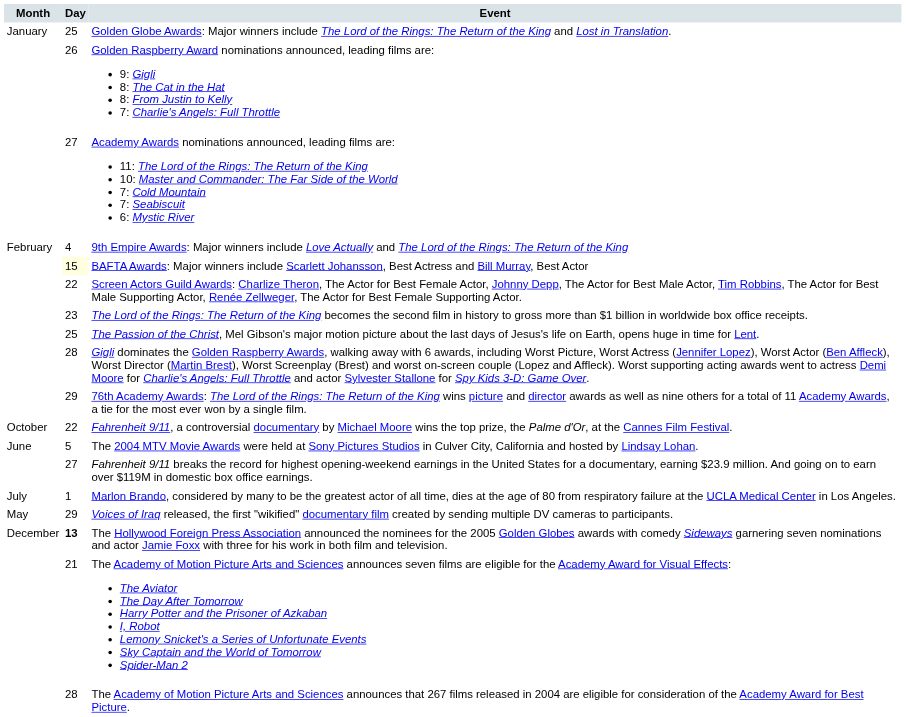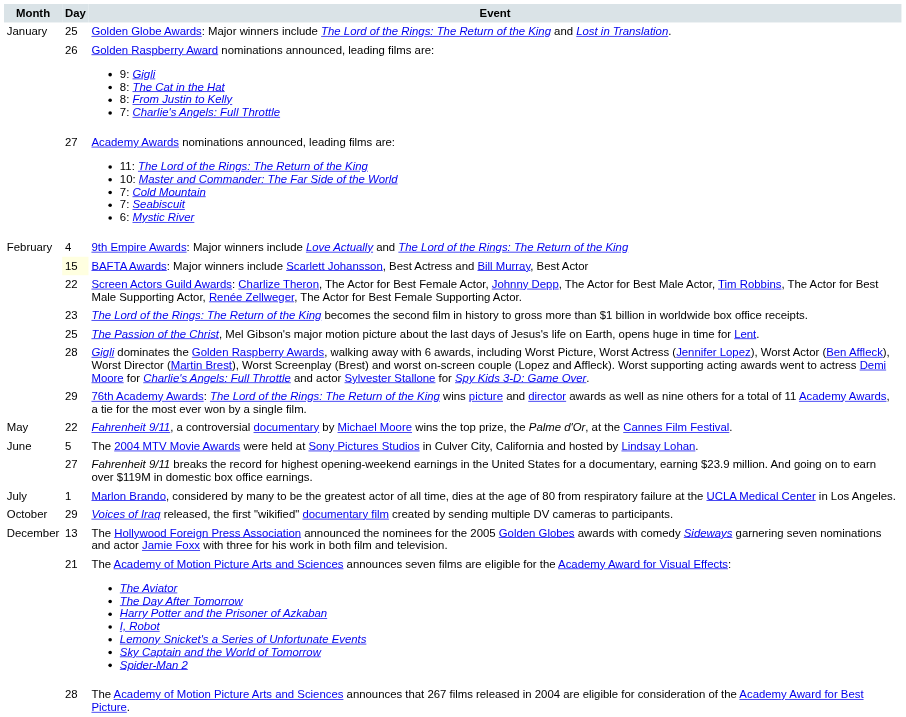 <table cellspacing="0" cellpadding="4" border="0">
 <tr bgcolor="#dae3e7" align="center">
 <td><strong>Month</strong></td>
 <td><strong>Day</strong></td>
 <td><strong>Event</strong></td>
 </tr>
 <tr valign="top">
 <td rowspan="3">January</td>
 <td>25</td>
 <td><a href='#'>Golden Globe Awards</a>: Major winners include <em><a href='#'>The Lord of the Rings: The Return of the King</a></em> and <em><a href='#'>Lost in Translation</a></em>.</td>
 </tr>
 <tr valign="top">
 <td>26</td>
 <td><a href='#'>Golden Raspberry Award</a> nominations announced, leading films are:<br><ul><li>9: <em><a href='#'>Gigli</a></em></li><li>8: <em><a href='#'>The Cat in the Hat</a></em></li><li>8: <em><a href='#'>From Justin to Kelly</a></em></li><li>7: <em><a href='#'>Charlie's Angels: Full Throttle</a></em></li></ul></td>
 </tr>
 <tr valign="top">
 <td>27</td>
 <td><a href='#'>Academy Awards</a> nominations announced, leading films are:<br><ul><li>11: <em><a href='#'>The Lord of the Rings: The Return of the King</a></em></li><li>10: <em><a href='#'>Master and Commander: The Far Side of the World</a></em></li><li>7: <em><a href='#'>Cold Mountain</a></em></li><li>7: <em><a href='#'>Seabiscuit</a></em></li><li>6: <em><a href='#'>Mystic River</a></em></li></ul></td>
 </tr>
 <tr valign="top">
 <td rowspan="7">February</td>
 <td>4</td>
 <td><a href='#'>9th Empire Awards</a>: Major winners include <em><a href='#'>Love Actually</a></em> and <em><a href='#'>The Lord of the Rings: The Return of the King</a></em></td>
 </tr>
 <tr valign="top">
 <td style="background: lightyellow;">15</td>
 <td><a href='#'>BAFTA Awards</a>: Major winners include <a href='#'>Scarlett Johansson</a>, Best Actress and <a href='#'>Bill Murray</a>, Best Actor</td>
 </tr>
 <tr valign="top">
 <td>22</td>
 <td><a href='#'>Screen Actors Guild Awards</a>: <a href='#'>Charlize Theron</a>, The Actor for Best Female Actor, <a href='#'>Johnny Depp</a>, The Actor for Best Male Actor, <a href='#'>Tim Robbins</a>, The Actor for Best Male Supporting Actor, <a href='#'>Renée Zellweger</a>, The Actor for Best Female Supporting Actor.</td>
 </tr>
 <tr valign="top">
 <td>23</td>
 <td><em><a href='#'>The Lord of the Rings: The Return of the King</a></em> becomes the second film in history to gross more than $1 billion in worldwide box office receipts.</td>
 </tr>
 <tr valign="top">
 <td>25</td>
 <td><em><a href='#'>The Passion of the Christ</a></em>, Mel Gibson's major motion picture about the last days of Jesus's life on Earth, opens huge in time for <a href='#'>Lent</a>.</td>
 </tr>
 <tr valign="top">
 <td>28</td>
 <td><em><a href='#'>Gigli</a></em> dominates the <a href='#'>Golden Raspberry Awards</a>, walking away with 6 awards, including Worst Picture, Worst Actress (<a href='#'>Jennifer Lopez</a>), Worst Actor (<a href='#'>Ben Affleck</a>), Worst Director (<a href='#'>Martin Brest</a>), Worst Screenplay (Brest) and worst on-screen couple (Lopez and Affleck). Worst supporting acting awards went to actress <a href='#'>Demi Moore</a> for <em><a href='#'>Charlie's Angels: Full Throttle</a></em> and actor <a href='#'>Sylvester Stallone</a> for <em><a href='#'>Spy Kids 3-D: Game Over</a></em>.</td>
 </tr>
 <tr valign="top">
 <td>29</td>
 <td><a href='#'>76th Academy Awards</a>: <em><a href='#'>The Lord of the Rings: The Return of the King</a></em> wins <a href='#'>picture</a> and <a href='#'>director</a> awards as well as nine others for a total of 11 <a href='#'>Academy Awards</a>, a tie for the most ever won by a single film.</td>
 </tr>
 <tr valign="top">
-<td>October</td>
+<td>May</td>
 <td>22</td>
 <td><em><a href='#'>Fahrenheit 9/11</a></em>, a controversial <a href='#'>documentary</a> by <a href='#'>Michael Moore</a> wins the top prize, the <em>Palme d'Or</em>, at the <a href='#'>Cannes Film Festival</a>.</td>
 </tr>
 <tr valign="top">
 <td rowspan="2">June</td>
 <td>5</td>
 <td>The <a href='#'>2004 MTV Movie Awards</a> were held at <a href='#'>Sony Pictures Studios</a> in Culver City, California and hosted by <a href='#'>Lindsay Lohan</a>.</td>
 </tr>
 <tr valign="top">
 <td>27</td>
 <td><em>Fahrenheit 9/11</em> breaks the record for highest opening-weekend earnings in the United States for a documentary, earning $23.9 million. And going on to earn over $119M in domestic box office earnings.</td>
 </tr>
 <tr valign="top">
 <td>July</td>
 <td>1</td>
 <td><a href='#'>Marlon Brando</a>, considered by many to be the greatest actor of all time, dies at the age of 80 from respiratory failure at the <a href='#'>UCLA Medical Center</a> in Los Angeles.</td>
 </tr>
 <tr valign="top">
-<td>May</td>
+<td>October</td>
 <td>29</td>
 <td><em><a href='#'>Voices of Iraq</a></em> released, the first "wikified" <a href='#'>documentary film</a> created by sending multiple DV cameras to participants.</td>
 </tr>
 <tr valign="top">
 <td rowspan="3">December</td>
-<td><strong>13</strong></td>
+<td>13</td>
 <td>The <a href='#'>Hollywood Foreign Press Association</a> announced the nominees for the 2005 <a href='#'>Golden Globes</a> awards with comedy <em><a href='#'>Sideways</a></em> garnering seven nominations and actor <a href='#'>Jamie Foxx</a> with three for his work in both film and television.</td>
 </tr>
 <tr valign="top">
 <td>21</td>
 <td>The <a href='#'>Academy of Motion Picture Arts and Sciences</a> announces seven films are eligible for the <a href='#'>Academy Award for Visual Effects</a>:<br><ul><li><em><a href='#'>The Aviator</a></em></li><li><em><a href='#'>The Day After Tomorrow</a></em></li><li><em><a href='#'>Harry Potter and the Prisoner of Azkaban</a></em></li><li><em><a href='#'>I, Robot</a></em></li><li><em><a href='#'>Lemony Snicket's a Series of Unfortunate Events</a></em></li><li><em><a href='#'>Sky Captain and the World of Tomorrow</a></em></li><li><em><a href='#'>Spider-Man 2</a></em></li></ul></td>
 </tr>
 <tr valign="top">
 <td>28</td>
 <td>The <a href='#'>Academy of Motion Picture Arts and Sciences</a> announces that 267 films released in 2004 are eligible for consideration of the <a href='#'>Academy Award for Best Picture</a>.</td>
 </tr>
 </table>
